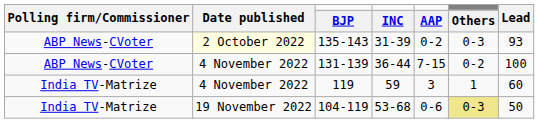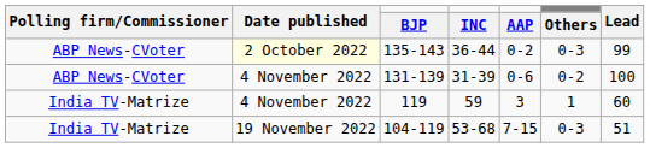 <table class="wikitable" style="text-align:center;font-size:95%;line-height:16px;">
 <tr>
 <th class="wikitable" rowspan="2">Polling firm/Commissioner</th>
 <th class="wikitable" rowspan="2">Date published</th>
 <td></td>
 <td></td>
 <td></td>
 <td style="background:gray;"></td>
 <th rowspan="2">Lead</th>
 </tr>
 <tr>
 <th class="wikitable"><a href='#'>BJP</a></th>
 <th class="wikitable"><a href='#'>INC</a></th>
 <th class="wikitable"><a href='#'>AAP</a></th>
 <th class="wikitable">Others</th>
 </tr>
 <tr>
 <td><a href='#'>ABP News</a>-<a href='#'>CVoter</a></td>
 <td style="background: lightyellow;">2 October 2022</td>
 <td style="background:">135-143</td>
-<td>31-39</td>
+<td>36-44</td>
 <td>0-2</td>
 <td>0-3</td>
-<td style="background:">93</td>
+<td style="background:">99</td>
 </tr>
 <tr>
 <td><a href='#'>ABP News</a>-<a href='#'>CVoter</a></td>
 <td>4 November 2022</td>
 <td style="background:">131-139</td>
-<td>36-44</td>
-<td>7-15</td>
+<td>31-39</td>
+<td>0-6</td>
 <td>0-2</td>
 <td style="background:">100</td>
 </tr>
 <tr>
 <td><a href='#'>India TV</a>-Matrize</td>
 <td>4 November 2022</td>
 <td style="background:">119</td>
 <td>59</td>
 <td>3</td>
 <td>1</td>
 <td style="background:">60</td>
 </tr>
 <tr>
 <td><a href='#'>India TV</a>-Matrize</td>
 <td>19 November 2022</td>
 <td style="background:">104-119</td>
 <td>53-68</td>
-<td>0-6</td>
-<td style="background: khaki;">0-3</td>
-<td style="background:">50</td>
+<td>7-15</td>
+<td>0-3</td>
+<td style="background:">51</td>
 </tr>
 </table>
